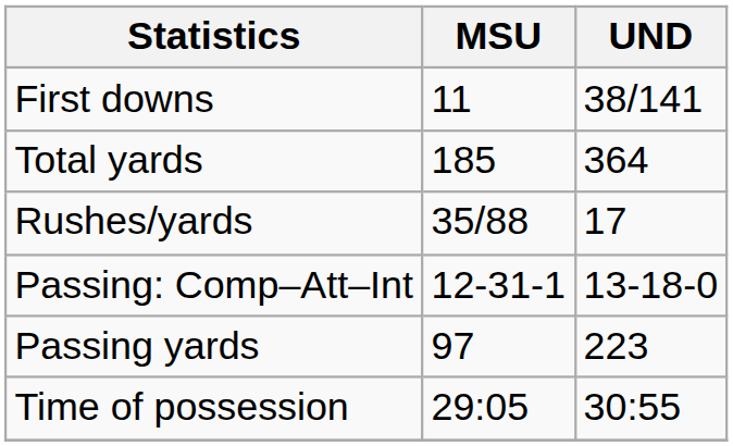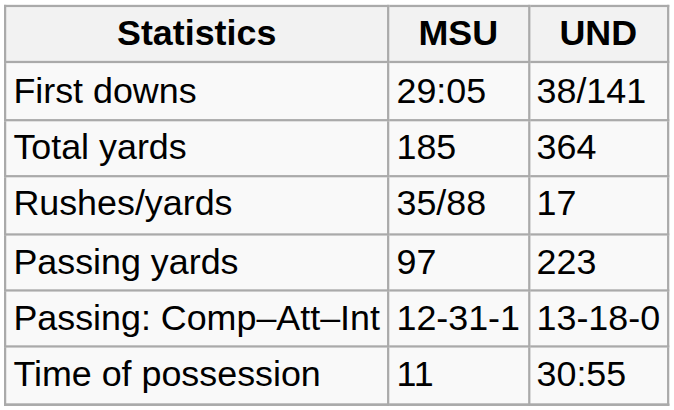 <table class="wikitable" style="float: left;">
 <tr>
 <th>Statistics</th>
 <th>MSU</th>
 <th>UND</th>
 </tr>
 <tr>
 <td>First downs</td>
-<td>11</td>
+<td>29:05</td>
 <td>38/141</td>
 </tr>
 <tr>
 <td>Total yards</td>
 <td>185</td>
 <td>364</td>
 </tr>
 <tr>
 <td>Rushes/yards</td>
 <td>35/88</td>
 <td>17</td>
 </tr>
 <tr>
+<td>Passing yards</td>
+<td>97</td>
+<td>223</td>
+</tr>
+<tr>
 <td>Passing: Comp–Att–Int</td>
 <td>12-31-1</td>
 <td>13-18-0</td>
 </tr>
 <tr>
-<td>Passing yards</td>
-<td>97</td>
-<td>223</td>
-</tr>
-<tr>
 <td>Time of possession</td>
-<td>29:05</td>
+<td>11</td>
 <td>30:55</td>
 </tr>
 <tr>
 </tr>
 </table>
